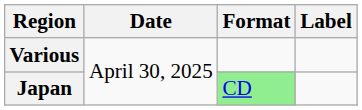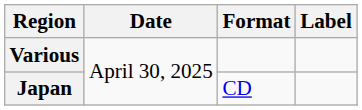 <table class="wikitable plainrowheaders">
 <tr>
 <th scope="col">Region</th>
 <th scope="col">Date</th>
 <th scope="col">Format</th>
 <th scope="col">Label</th>
 </tr>
 <tr>
 <th scope="row">Various</th>
 <td rowspan="2">April 30, 2025</td>
 <td></td>
 <td></td>
 </tr>
 <tr>
 <th scope="row">Japan</th>
-<td style="background: lightgreen;"><a href='#'>CD</a></td>
+<td><a href='#'>CD</a></td>
 <td></td>
 </tr>
 </table>
